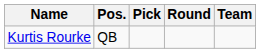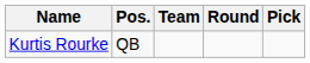 <table class="wikitable sortable" style="text-align:left">
 <tr>
 <th>Name</th>
 <th>Pos.</th>
+<th>Team</th>
+<th>Round</th>
 <th>Pick</th>
-<th>Round</th>
-<th>Team</th>
 </tr>
 <tr>
 <td><a href='#'>Kurtis Rourke</a></td>
 <td>QB</td>
 <td></td>
 <td></td>
 <td></td>
 </tr>
 </table>
